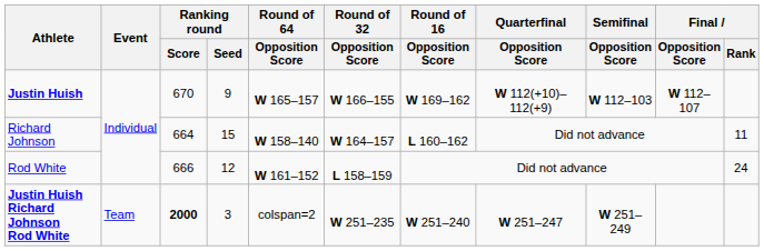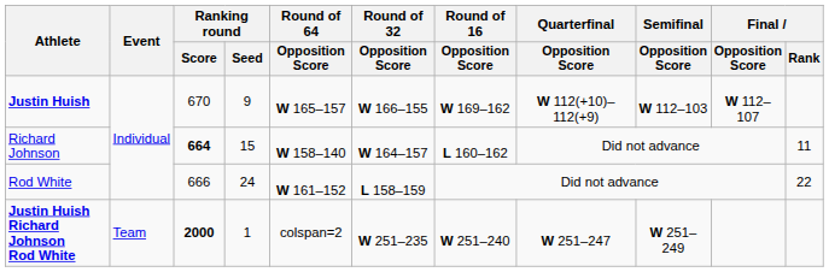 <table class=wikitable style=font-size:90%;text-align:center>
 <tr>
 <th rowspan=2>Athlete</th>
 <th rowspan=2>Event</th>
 <th colspan=2>Ranking round</th>
 <th>Round of 64</th>
 <th>Round of 32</th>
 <th>Round of 16</th>
 <th>Quarterfinal</th>
 <th>Semifinal</th>
 <th colspan=2>Final / </th>
 </tr>
 <tr style=font-size:95%>
 <th>Score</th>
 <th>Seed</th>
 <th>Opposition<br>Score</th>
 <th>Opposition<br>Score</th>
 <th>Opposition<br>Score</th>
 <th>Opposition<br>Score</th>
 <th>Opposition<br>Score</th>
 <th>Opposition<br>Score</th>
 <th>Rank</th>
 </tr>
 <tr>
 <td align=left><strong><a href='#'>Justin Huish</a></strong></td>
 <td align=left rowspan=3><a href='#'>Individual</a></td>
 <td>670</td>
 <td>9</td>
 <td><br><strong>W</strong> 165–157</td>
 <td><br><strong>W</strong> 166–155</td>
 <td><br><strong>W</strong> 169–162</td>
 <td><br><strong>W</strong> 112(+10)–112(+9)</td>
 <td><br><strong>W</strong> 112–103</td>
 <td><br><strong>W</strong> 112–107</td>
 <td></td>
 </tr>
 <tr>
 <td align=left><a href='#'>Richard Johnson</a></td>
-<td>664</td>
+<td><strong>664</strong></td>
 <td>15</td>
 <td><br><strong>W</strong> 158–140</td>
 <td><br><strong>W</strong> 164–157</td>
 <td><br><strong>L</strong> 160–162</td>
 <td colspan=3>Did not advance</td>
 <td>11</td>
 </tr>
 <tr>
 <td align=left><a href='#'>Rod White</a></td>
 <td>666</td>
-<td>12</td>
+<td>24</td>
 <td><br><strong>W</strong> 161–152</td>
 <td><br><strong>L</strong> 158–159</td>
 <td colspan=4>Did not advance</td>
-<td>24</td>
+<td>22</td>
 </tr>
 <tr>
 <td align=left><strong><a href='#'>Justin Huish</a><br><a href='#'>Richard Johnson</a><br><a href='#'>Rod White</a></strong></td>
 <td align=left><a href='#'>Team</a></td>
 <td><strong>2000</strong></td>
-<td>3</td>
+<td>1</td>
 <td>colspan=2 </td>
 <td><br><strong>W</strong> 251–235</td>
 <td><br><strong>W</strong> 251–240</td>
 <td><br><strong>W</strong> 251–247</td>
 <td><br><strong>W</strong> 251–249</td>
 <td></td>
 </tr>
 </table>
